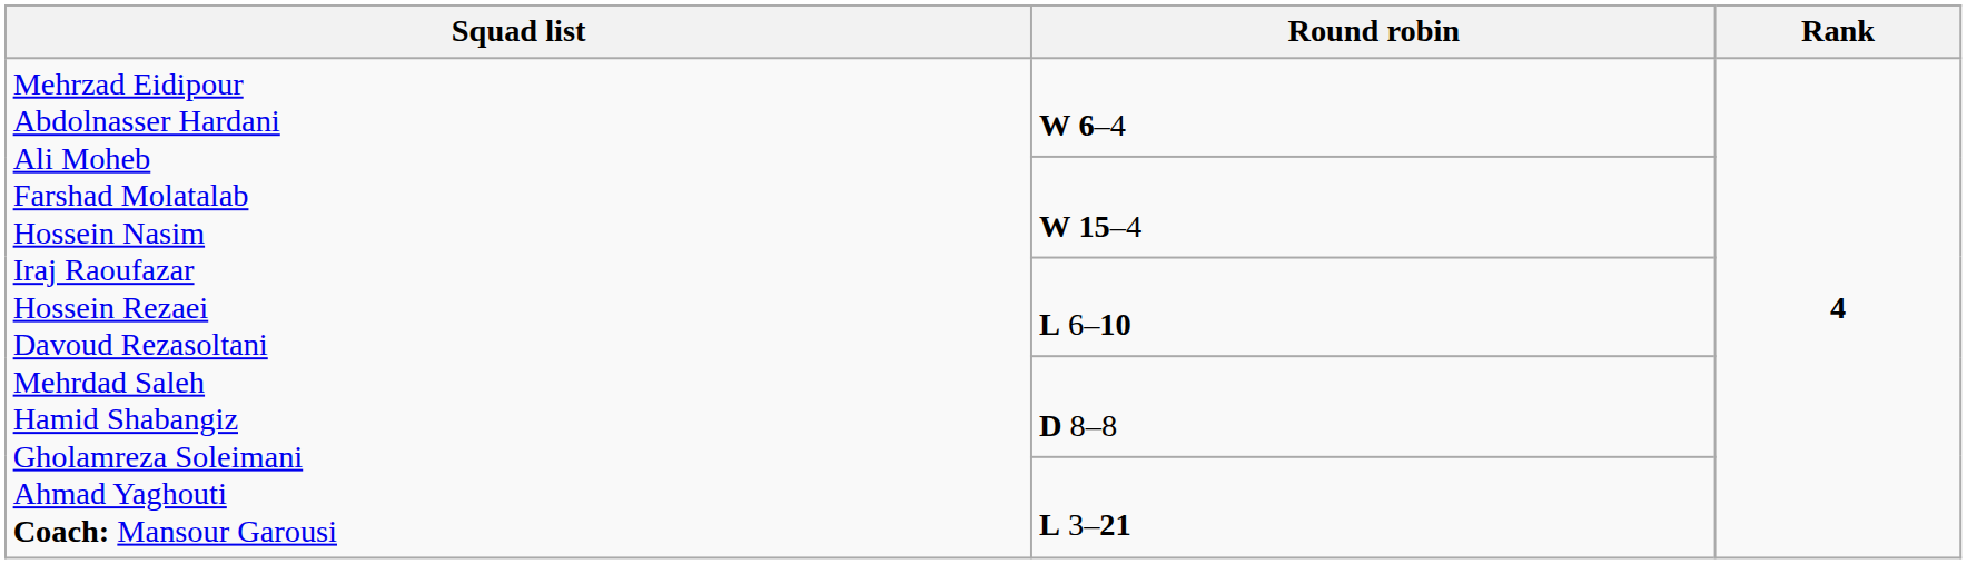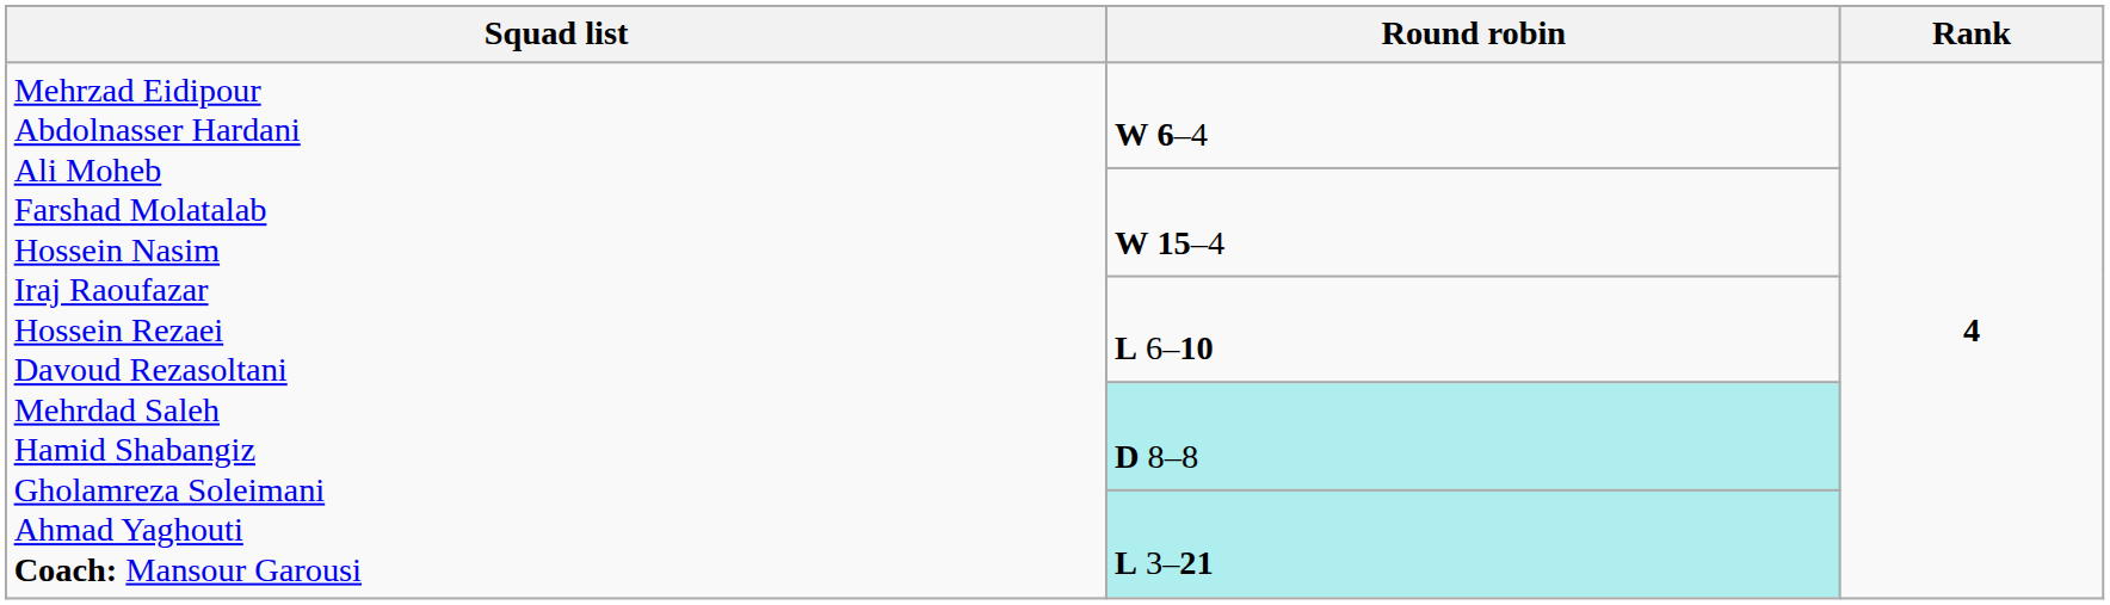 <table class="wikitable" width="45%" style="text-align:left; font-size:90%">
 <tr>
 <th width="21%">Squad list</th>
 <th width="14%">Round robin</th>
 <th width="5%">Rank</th>
 </tr>
 <tr>
 <td rowspan="5"><a href='#'>Mehrzad Eidipour</a><br><a href='#'>Abdolnasser Hardani</a><br><a href='#'>Ali Moheb</a><br><a href='#'>Farshad Molatalab</a><br><a href='#'>Hossein Nasim</a><br><a href='#'>Iraj Raoufazar</a><br><a href='#'>Hossein Rezaei</a><br><a href='#'>Davoud Rezasoltani</a><br><a href='#'>Mehrdad Saleh</a><br><a href='#'>Hamid Shabangiz</a><br><a href='#'>Gholamreza Soleimani</a><br><a href='#'>Ahmad Yaghouti</a><br> <strong>Coach:</strong> <a href='#'>Mansour Garousi</a></td>
 <td><br><strong>W</strong> <strong>6</strong>–4</td>
 <td rowspan="5" align=center><strong>4</strong></td>
 </tr>
 <tr>
 <td><br><strong>W</strong> <strong>15</strong>–4</td>
 </tr>
 <tr>
 <td><br><strong>L</strong> 6–<strong>10</strong></td>
 </tr>
 <tr>
-<td><br><strong>D</strong> 8–8</td>
+<td style="background: paleturquoise;"><br><strong>D</strong> 8–8</td>
 </tr>
 <tr>
-<td><br><strong>L</strong> 3–<strong>21</strong></td>
+<td style="background: paleturquoise;"><br><strong>L</strong> 3–<strong>21</strong></td>
 </tr>
 </table>
